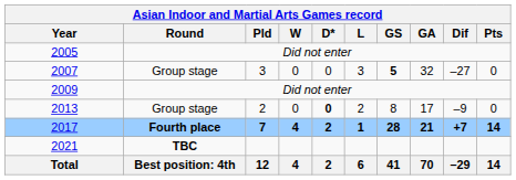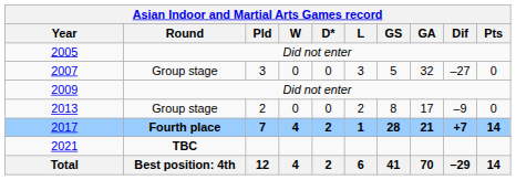 <table class="wikitable" style="text-align: center;font-size:90%;">
 <tr>
 <th colspan=10><a href='#'>Asian Indoor and Martial Arts Games record</a></th>
 </tr>
 <tr>
 <th width=150>Year</th>
 <th width=150>Round</th>
 <th width=35>Pld</th>
 <th width=35>W</th>
 <th width=35>D*</th>
 <th width=35>L</th>
 <th width=35>GS</th>
 <th width=35>GA</th>
 <th width=35>Dif</th>
 <th width=35>Pts</th>
 </tr>
 <tr>
 <td> <a href='#'>2005</a></td>
 <td colspan=9><em>Did not enter</em></td>
 </tr>
 <tr>
 <td> <a href='#'>2007</a></td>
 <td>Group stage</td>
 <td>3</td>
 <td>0</td>
 <td>0</td>
 <td>3</td>
-<td><strong>5</strong></td>
+<td>5</td>
 <td>32</td>
 <td>–27</td>
 <td>0</td>
 </tr>
 <tr>
 <td> <a href='#'>2009</a></td>
 <td colspan=9><em>Did not enter</em></td>
 </tr>
 <tr>
 <td> <a href='#'>2013</a></td>
 <td>Group stage</td>
 <td>2</td>
 <td>0</td>
-<td><strong>0</strong></td>
+<td>0</td>
 <td>2</td>
 <td>8</td>
 <td>17</td>
 <td>–9</td>
 <td>0</td>
 </tr>
 <tr bgcolor=#9acdff>
 <td> <a href='#'>2017</a></td>
 <td><strong>Fourth place</strong></td>
 <td><strong>7</strong></td>
 <td><strong>4</strong></td>
 <td><strong>2</strong></td>
 <td><strong>1</strong></td>
 <td><strong>28</strong></td>
 <td><strong>21</strong></td>
 <td><strong>+7</strong></td>
 <td><strong>14</strong></td>
 </tr>
 <tr>
 <td> <a href='#'>2021</a></td>
 <td><strong>TBC</strong></td>
 <td></td>
 <td></td>
 <td></td>
 <td></td>
 <td></td>
 <td></td>
 <td></td>
 <td></td>
 </tr>
 <tr>
 <th>Total</th>
 <th>Best position: 4th</th>
 <th>12</th>
 <th>4</th>
 <th>2</th>
 <th>6</th>
 <th>41</th>
 <th>70</th>
 <th>–29</th>
 <th>14</th>
 </tr>
 </table>
